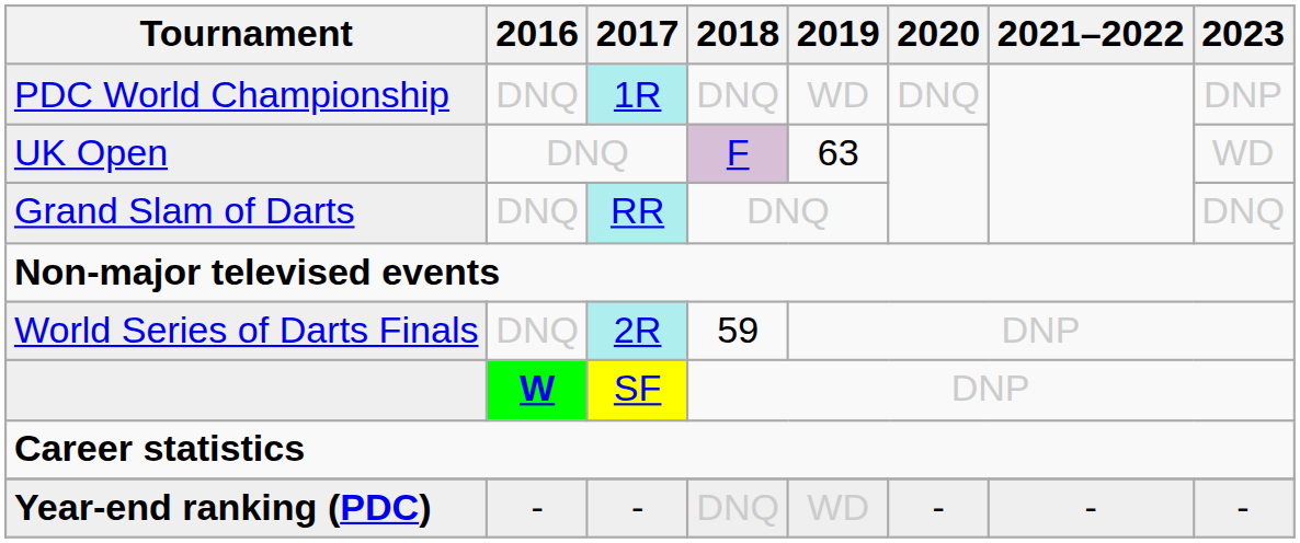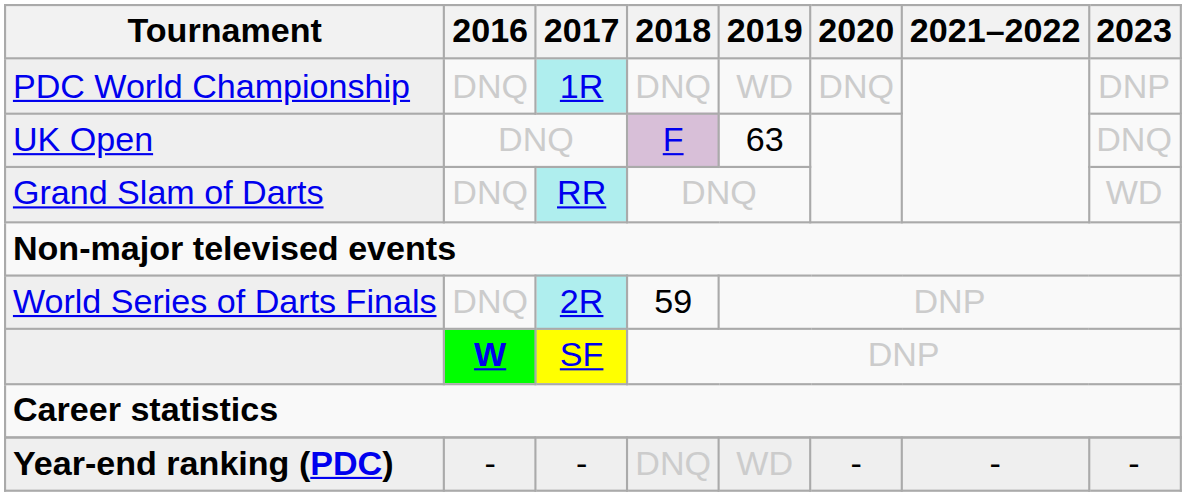 <table class="wikitable">
 <tr>
 <th>Tournament</th>
 <th>2016</th>
 <th>2017</th>
 <th>2018</th>
 <th>2019</th>
 <th>2020</th>
 <th>2021–2022</th>
 <th>2023</th>
 </tr>
 <tr>
 <td style="background:#efefef;"><a href='#'>PDC World Championship</a></td>
 <td style="text-align:center; color:#ccc;">DNQ</td>
 <td style="text-align:center; background:#afeeee;"><a href='#'>1R</a></td>
 <td style="text-align:center; color:#ccc;">DNQ</td>
 <td style="text-align:center; color:#ccc;">WD</td>
 <td style="text-align:center; color:#ccc;">DNQ</td>
 <td rowspan=3 style="text-align:center;"></td>
 <td colspan="1" style="text-align:center; color:#ccc;">DNP</td>
 </tr>
 <tr>
 <td style="background:#efefef;"><a href='#'>UK Open</a></td>
 <td colspan="2" style="text-align:center; color:#ccc;">DNQ</td>
 <td style="text-align:center; background:thistle;"><a href='#'>F</a></td>
 <td style="text-align:center;">63</td>
 <td rowspan=2 style="text-align:center;"></td>
-<td style="text-align:center; color:#ccc;">WD</td>
+<td style="text-align:center; color:#ccc;">DNQ</td>
 </tr>
 <tr>
 <td style="background:#efefef;"><a href='#'>Grand Slam of Darts</a></td>
 <td style="text-align:center; color:#ccc;">DNQ</td>
 <td style="text-align:center; background:#afeeee;"><a href='#'>RR</a></td>
 <td colspan="2" style="text-align:center; color:#ccc;">DNQ</td>
-<td style="text-align:center; color:#ccc;">DNQ</td>
+<td style="text-align:center; color:#ccc;">WD</td>
 </tr>
 <tr>
 <td colspan="12" align="left"><strong>Non-major televised events</strong></td>
 </tr>
 <tr>
 <td style="background:#efefef;"><a href='#'>World Series of Darts Finals</a></td>
 <td style="text-align:center; color:#ccc;">DNQ</td>
 <td style="text-align:center; background:#afeeee;"><a href='#'>2R</a></td>
 <td style="text-align:center;">59</td>
 <td colspan="4" style="text-align:center; color:#ccc;">DNP</td>
 </tr>
 <tr>
 <td style="background:#efefef;"></td>
 <td style="text-align:center; background:lime;"><a href='#'><strong>W</strong></a></td>
 <td style="text-align:center; background:yellow;"><a href='#'>SF</a></td>
 <td colspan="5" style="text-align:center; color:#ccc;">DNP</td>
 </tr>
 <tr>
 <td colspan="10" style="text-align:left"><strong>Career statistics</strong></td>
 </tr>
 <tr>
 </tr>
 <tr style="background:#efefef">
 <td style="text-align:left"><strong>Year-end ranking (<a href='#'>PDC</a>)</strong></td>
 <td style="text-align:center;">-</td>
 <td style="text-align:center;">-</td>
 <td style="text-align:center; color:#ccc;">DNQ</td>
 <td style="text-align:center; color:#ccc;">WD</td>
 <td style="text-align:center;">-</td>
 <td style="text-align:center;">-</td>
 <td style="text-align:center;">-</td>
 </tr>
 </table>
